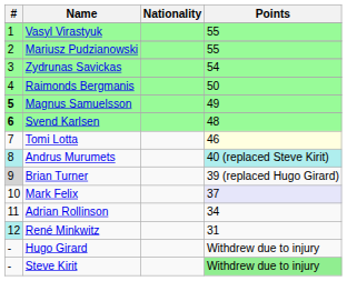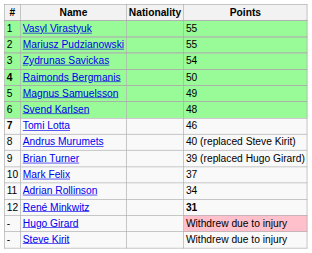 <table class="wikitable">
 <tr>
 <th>#</th>
 <th>Name</th>
 <th>Nationality</th>
 <th>Points</th>
 </tr>
 <tr>
 </tr>
 <tr style="background:palegreen;">
 <td>1</td>
 <td><a href='#'>Vasyl Virastyuk</a></td>
 <td></td>
 <td>55</td>
 </tr>
 <tr>
 </tr>
 <tr style="background:palegreen;">
 <td>2</td>
 <td><a href='#'>Mariusz Pudzianowski</a></td>
 <td></td>
 <td>55</td>
 </tr>
 <tr>
 </tr>
 <tr style="background:palegreen;">
 <td>3</td>
 <td><a href='#'>Zydrunas Savickas</a></td>
 <td></td>
 <td>54</td>
 </tr>
 <tr>
 </tr>
 <tr style="background:palegreen;">
-<td>4</td>
+<td><strong>4</strong></td>
 <td><a href='#'>Raimonds Bergmanis</a></td>
 <td></td>
 <td>50</td>
 </tr>
 <tr>
 </tr>
 <tr style="background:palegreen;">
-<td><strong>5</strong></td>
+<td>5</td>
 <td><a href='#'>Magnus Samuelsson</a></td>
 <td></td>
 <td>49</td>
 </tr>
 <tr>
 </tr>
 <tr style="background:palegreen;">
-<td><strong>6</strong></td>
+<td>6</td>
 <td><a href='#'>Svend Karlsen</a></td>
 <td></td>
 <td>48</td>
 </tr>
 <tr>
-<td>7</td>
+<td><strong>7</strong></td>
 <td><a href='#'>Tomi Lotta</a></td>
 <td></td>
-<td style="background: lightyellow;">46</td>
+<td>46</td>
 </tr>
 <tr>
-<td style="background: paleturquoise;">8</td>
+<td>8</td>
 <td><a href='#'>Andrus Murumets</a></td>
 <td></td>
-<td style="background: paleturquoise;">40 (replaced Steve Kirit)</td>
+<td>40 (replaced Steve Kirit)</td>
 </tr>
 <tr>
-<td style="background: lightgrey;">9</td>
+<td>9</td>
 <td><a href='#'>Brian Turner</a></td>
 <td></td>
 <td>39 (replaced Hugo Girard)</td>
 </tr>
 <tr>
 <td>10</td>
 <td><a href='#'>Mark Felix</a></td>
 <td></td>
-<td style="background: lavender;">37</td>
+<td>37</td>
 </tr>
 <tr>
 <td>11</td>
 <td><a href='#'>Adrian Rollinson</a></td>
 <td></td>
 <td>34</td>
 </tr>
 <tr>
-<td style="background: paleturquoise;">12</td>
+<td>12</td>
 <td><a href='#'>René Minkwitz</a></td>
 <td></td>
-<td>31</td>
+<td><strong>31</strong></td>
 </tr>
 <tr>
 <td>-</td>
 <td><a href='#'>Hugo Girard</a></td>
 <td></td>
-<td>Withdrew due to injury</td>
+<td style="background: pink;">Withdrew due to injury</td>
 </tr>
 <tr>
 <td>-</td>
 <td><a href='#'>Steve Kirit</a></td>
 <td></td>
-<td style="background: lightgreen;">Withdrew due to injury</td>
+<td>Withdrew due to injury</td>
 </tr>
 </table>
